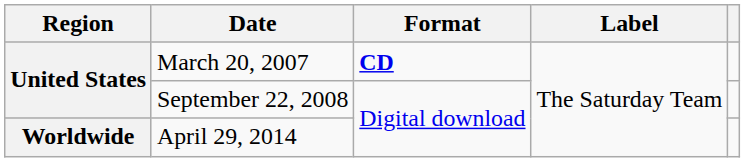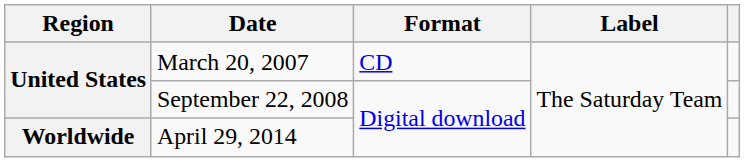 <table class="wikitable plainrowheaders">
 <tr>
 <th scope="col">Region</th>
 <th scope="col">Date</th>
 <th scope="col">Format</th>
 <th scope="col">Label</th>
 <th scope="col"></th>
 </tr>
 <tr>
 <th scope="row" rowspan="2">United States</th>
 <td>March 20, 2007</td>
-<td><strong><a href='#'>CD</a></strong></td>
+<td><a href='#'>CD</a></td>
 <td rowspan="3">The Saturday Team</td>
 <td></td>
 </tr>
 <tr>
 <td>September 22, 2008</td>
 <td rowspan="2"><a href='#'>Digital download</a></td>
 </tr>
 <tr>
 <th scope="row">Worldwide</th>
 <td>April 29, 2014</td>
 <td></td>
 </tr>
 </table>
